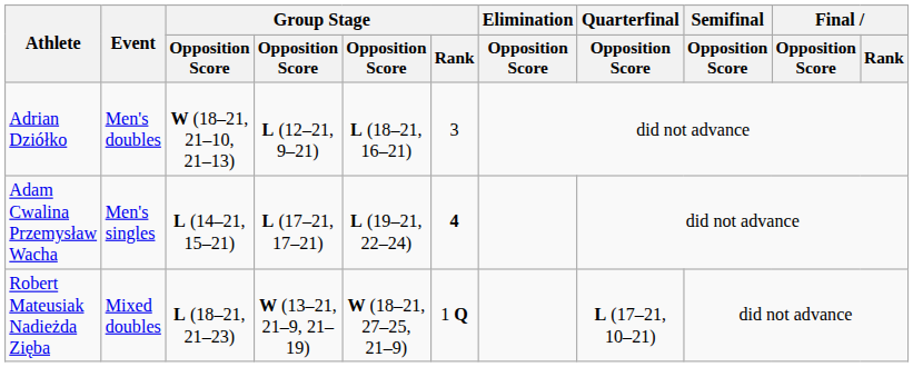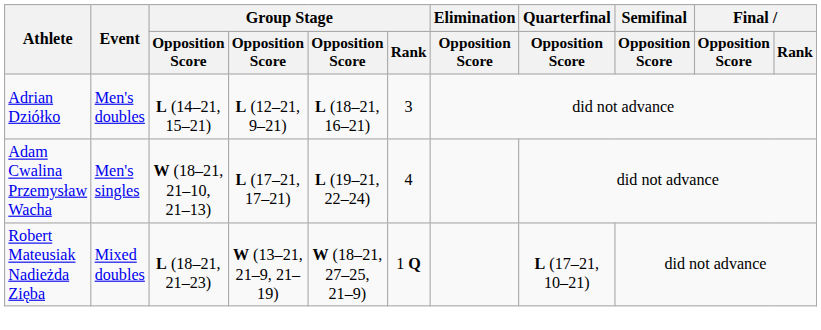 <table class="wikitable" style="font-size:90%">
 <tr>
 <th rowspan=2>Athlete</th>
 <th rowspan=2>Event</th>
 <th colspan=4>Group Stage</th>
 <th>Elimination</th>
 <th>Quarterfinal</th>
 <th>Semifinal</th>
 <th colspan=2>Final / </th>
 </tr>
 <tr style="font-size:95%">
 <th>Opposition<br>Score</th>
 <th>Opposition<br>Score</th>
 <th>Opposition<br>Score</th>
 <th>Rank</th>
 <th>Opposition<br>Score</th>
 <th>Opposition<br>Score</th>
 <th>Opposition<br>Score</th>
 <th>Opposition<br>Score</th>
 <th>Rank</th>
 </tr>
 <tr align=center>
 <td align=left><a href='#'>Adrian Dziółko</a></td>
 <td align=left><a href='#'>Men's doubles</a></td>
-<td><br><strong>W</strong> (18–21, 21–10, 21–13)</td>
+<td><br><strong>L</strong> (14–21, 15–21)</td>
 <td><br><strong>L</strong> (12–21, 9–21)</td>
 <td><br><strong>L</strong> (18–21, 16–21)</td>
 <td>3</td>
 <td colspan=5>did not advance</td>
 </tr>
 <tr align=center>
 <td align=left><a href='#'>Adam Cwalina</a><br><a href='#'>Przemysław Wacha</a></td>
 <td align=left><a href='#'>Men's singles</a></td>
-<td><br><strong>L</strong> (14–21, 15–21)</td>
+<td><br><strong>W</strong> (18–21, 21–10, 21–13)</td>
 <td><br><strong>L</strong> (17–21, 17–21)</td>
 <td><br><strong>L</strong> (19–21, 22–24)</td>
-<td><strong>4</strong></td>
+<td>4</td>
 <td></td>
 <td colspan=4>did not advance</td>
 </tr>
 <tr align=center>
 <td align=left><a href='#'>Robert Mateusiak</a><br><a href='#'>Nadieżda Zięba</a></td>
 <td align=left><a href='#'>Mixed doubles</a></td>
 <td><br><strong>L</strong> (18–21, 21–23)</td>
 <td><br><strong>W</strong> (13–21, 21–9, 21–19)</td>
 <td><br><strong>W</strong> (18–21, 27–25, 21–9)</td>
 <td>1 <strong>Q</strong></td>
 <td></td>
 <td><br><strong>L</strong> (17–21, 10–21)</td>
 <td colspan=4>did not advance</td>
 </tr>
 </table>
